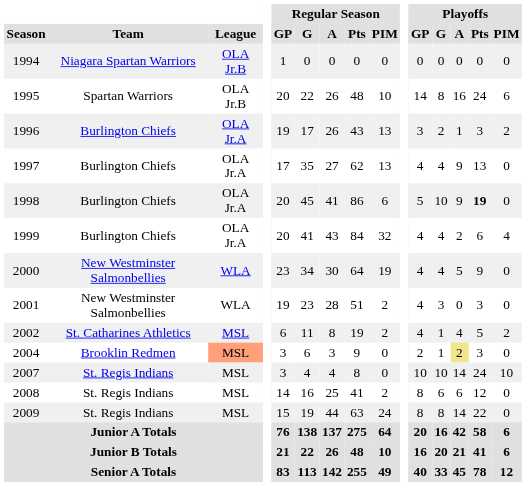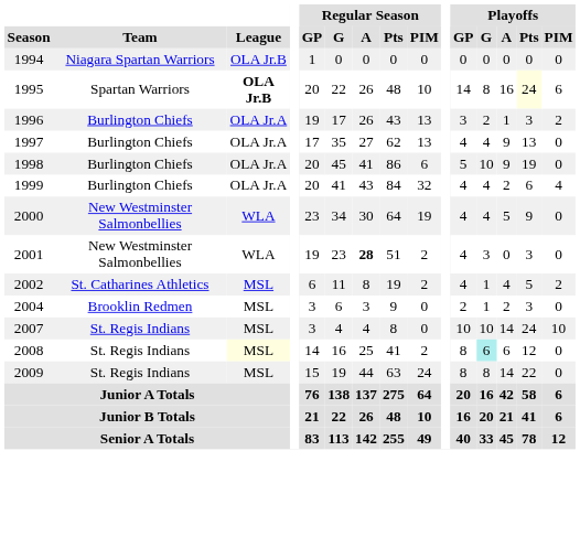 <table BORDER="0" CELLPADDING="3" CELLSPACING="0">
 <tr ALIGN="center" bgcolor="#e0e0e0">
 <th colspan="3" bgcolor="#ffffff"> </th>
 <th rowspan="99" bgcolor="#ffffff"> </th>
 <th colspan="5">Regular Season</th>
 <th rowspan="99" bgcolor="#ffffff"> </th>
 <th colspan="5">Playoffs</th>
 </tr>
 <tr ALIGN="center" bgcolor="#e0e0e0">
 <th>Season</th>
 <th>Team</th>
 <th>League</th>
 <th>GP</th>
 <th>G</th>
 <th>A</th>
 <th>Pts</th>
 <th>PIM</th>
 <th>GP</th>
 <th>G</th>
 <th>A</th>
 <th>Pts</th>
 <th>PIM</th>
 </tr>
 <tr ALIGN="center" bgcolor="#f0f0f0">
 <td>1994</td>
 <td><a href='#'>Niagara Spartan Warriors</a></td>
 <td><a href='#'>OLA Jr.B</a></td>
 <td>1</td>
 <td>0</td>
 <td>0</td>
 <td>0</td>
 <td>0</td>
 <td>0</td>
 <td>0</td>
 <td>0</td>
 <td>0</td>
 <td>0</td>
 </tr>
 <tr ALIGN="center">
 <td>1995</td>
 <td>Spartan Warriors</td>
-<td>OLA Jr.B</td>
+<td><strong>OLA Jr.B</strong></td>
 <td>20</td>
 <td>22</td>
 <td>26</td>
 <td>48</td>
 <td>10</td>
 <td>14</td>
 <td>8</td>
 <td>16</td>
-<td>24</td>
+<td style="background: lightyellow;">24</td>
 <td>6</td>
 </tr>
 <tr ALIGN="center" bgcolor="#f0f0f0">
 <td>1996</td>
 <td><a href='#'>Burlington Chiefs</a></td>
 <td><a href='#'>OLA Jr.A</a></td>
 <td>19</td>
 <td>17</td>
 <td>26</td>
 <td>43</td>
 <td>13</td>
 <td>3</td>
 <td>2</td>
 <td>1</td>
 <td>3</td>
 <td>2</td>
 </tr>
 <tr ALIGN="center">
 <td>1997</td>
 <td>Burlington Chiefs</td>
 <td>OLA Jr.A</td>
 <td>17</td>
 <td>35</td>
 <td>27</td>
 <td>62</td>
 <td>13</td>
 <td>4</td>
 <td>4</td>
 <td>9</td>
 <td>13</td>
 <td>0</td>
 </tr>
 <tr ALIGN="center" bgcolor="#f0f0f0">
 <td>1998</td>
 <td>Burlington Chiefs</td>
 <td>OLA Jr.A</td>
 <td>20</td>
 <td>45</td>
 <td>41</td>
 <td>86</td>
 <td>6</td>
 <td>5</td>
 <td>10</td>
 <td>9</td>
-<td><strong>19</strong></td>
+<td>19</td>
 <td>0</td>
 </tr>
 <tr ALIGN="center">
 <td>1999</td>
 <td>Burlington Chiefs</td>
 <td>OLA Jr.A</td>
 <td>20</td>
 <td>41</td>
 <td>43</td>
 <td>84</td>
 <td>32</td>
 <td>4</td>
 <td>4</td>
 <td>2</td>
 <td>6</td>
 <td>4</td>
 </tr>
 <tr ALIGN="center" bgcolor="#f0f0f0">
 <td>2000</td>
 <td><a href='#'>New Westminster Salmonbellies</a></td>
 <td><a href='#'>WLA</a></td>
 <td>23</td>
 <td>34</td>
 <td>30</td>
 <td>64</td>
 <td>19</td>
 <td>4</td>
 <td>4</td>
 <td>5</td>
 <td>9</td>
 <td>0</td>
 </tr>
 <tr ALIGN="center">
 <td>2001</td>
 <td>New Westminster Salmonbellies</td>
 <td>WLA</td>
 <td>19</td>
 <td>23</td>
-<td>28</td>
+<td><strong>28</strong></td>
 <td>51</td>
 <td>2</td>
 <td>4</td>
 <td>3</td>
 <td>0</td>
 <td>3</td>
 <td>0</td>
 </tr>
 <tr ALIGN="center" bgcolor="#f0f0f0">
 <td>2002</td>
 <td><a href='#'>St. Catharines Athletics</a></td>
 <td><a href='#'>MSL</a></td>
 <td>6</td>
 <td>11</td>
 <td>8</td>
 <td>19</td>
 <td>2</td>
 <td>4</td>
 <td>1</td>
 <td>4</td>
 <td>5</td>
 <td>2</td>
 </tr>
 <tr ALIGN="center">
 <td>2004</td>
 <td><a href='#'>Brooklin Redmen</a></td>
-<td style="background: lightsalmon;">MSL</td>
+<td>MSL</td>
 <td>3</td>
 <td>6</td>
 <td>3</td>
 <td>9</td>
 <td>0</td>
 <td>2</td>
 <td>1</td>
-<td style="background: khaki;">2</td>
+<td>2</td>
 <td>3</td>
 <td>0</td>
 </tr>
 <tr ALIGN="center" bgcolor="#f0f0f0">
 <td>2007</td>
 <td><a href='#'>St. Regis Indians</a></td>
 <td>MSL</td>
 <td>3</td>
 <td>4</td>
 <td>4</td>
 <td>8</td>
 <td>0</td>
 <td>10</td>
 <td>10</td>
 <td>14</td>
 <td>24</td>
 <td>10</td>
 </tr>
 <tr ALIGN="center">
 <td>2008</td>
 <td>St. Regis Indians</td>
-<td>MSL</td>
+<td style="background: lightyellow;">MSL</td>
 <td>14</td>
 <td>16</td>
 <td>25</td>
 <td>41</td>
 <td>2</td>
 <td>8</td>
-<td>6</td>
+<td style="background: paleturquoise;">6</td>
 <td>6</td>
 <td>12</td>
 <td>0</td>
 </tr>
 <tr ALIGN="center" bgcolor="#f0f0f0">
 <td>2009</td>
 <td>St. Regis Indians</td>
 <td>MSL</td>
 <td>15</td>
 <td>19</td>
 <td>44</td>
 <td>63</td>
 <td>24</td>
 <td>8</td>
 <td>8</td>
 <td>14</td>
 <td>22</td>
 <td>0</td>
 </tr>
 <tr ALIGN="center" bgcolor="#e0e0e0">
 <th colspan="3">Junior A Totals</th>
 <th>76</th>
 <th>138</th>
 <th>137</th>
 <th>275</th>
 <th>64</th>
 <th>20</th>
 <th>16</th>
 <th>42</th>
 <th>58</th>
 <th>6</th>
 </tr>
 <tr ALIGN="center" bgcolor="#e0e0e0">
 <th colspan="3">Junior B Totals</th>
 <th>21</th>
 <th>22</th>
 <th>26</th>
 <th>48</th>
 <th>10</th>
 <th>16</th>
 <th>20</th>
 <th>21</th>
 <th>41</th>
 <th>6</th>
 </tr>
 <tr ALIGN="center" bgcolor="#e0e0e0">
 <th colspan="3">Senior A Totals</th>
 <th>83</th>
 <th>113</th>
 <th>142</th>
 <th>255</th>
 <th>49</th>
 <th>40</th>
 <th>33</th>
 <th>45</th>
 <th>78</th>
 <th>12</th>
 </tr>
 </table>
